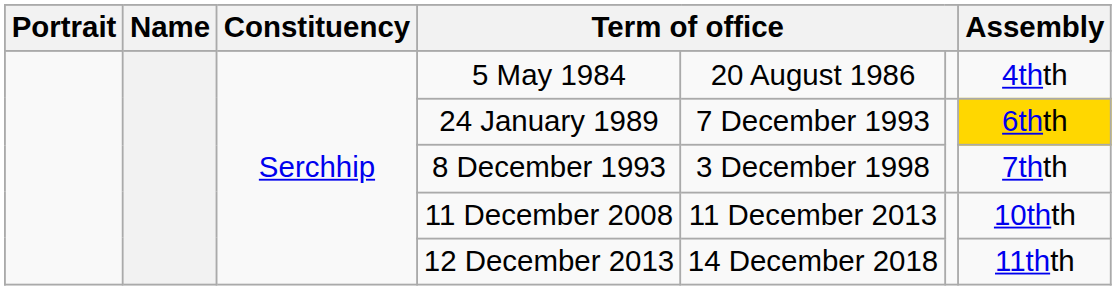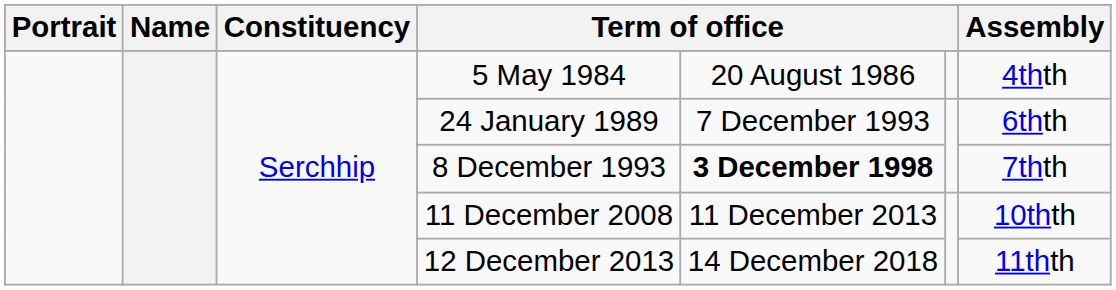 <table class="wikitable sortable" style="text-align:center">
 <tr>
 <th class="unsortable"  scope="col">Portrait</th>
 <th scope="col" class="sortable">Name</th>
 <th scope="col">Constituency</th>
 <th colspan="3" scope="colgroup">Term of office</th>
 <th scope="col">Assembly</th>
 </tr>
 <tr align=center>
 <td rowspan="5"></td>
 <th scope="row" rowspan="5"></th>
 <td rowspan="5"><a href='#'>Serchhip</a></td>
 <td>5 May 1984</td>
 <td>20 August 1986</td>
 <td></td>
 <td><a href='#'>4th</a>th</td>
 </tr>
 <tr align="center">
 <td>24 January 1989</td>
 <td>7 December 1993</td>
 <td rowspan="2"></td>
-<td style="background: gold;"><a href='#'>6th</a>th</td>
+<td><a href='#'>6th</a>th</td>
 </tr>
 <tr align="center">
 <td>8 December 1993</td>
-<td>3 December 1998</td>
+<td><strong>3 December 1998</strong></td>
 <td><a href='#'>7th</a>th</td>
 </tr>
 <tr align="center">
 <td>11 December 2008</td>
 <td>11 December 2013</td>
 <td rowspan="2"></td>
 <td><a href='#'>10th</a>th</td>
 </tr>
 <tr align="center">
 <td>12 December 2013</td>
 <td>14 December 2018</td>
 <td><a href='#'>11th</a>th</td>
 </tr>
 </table>
